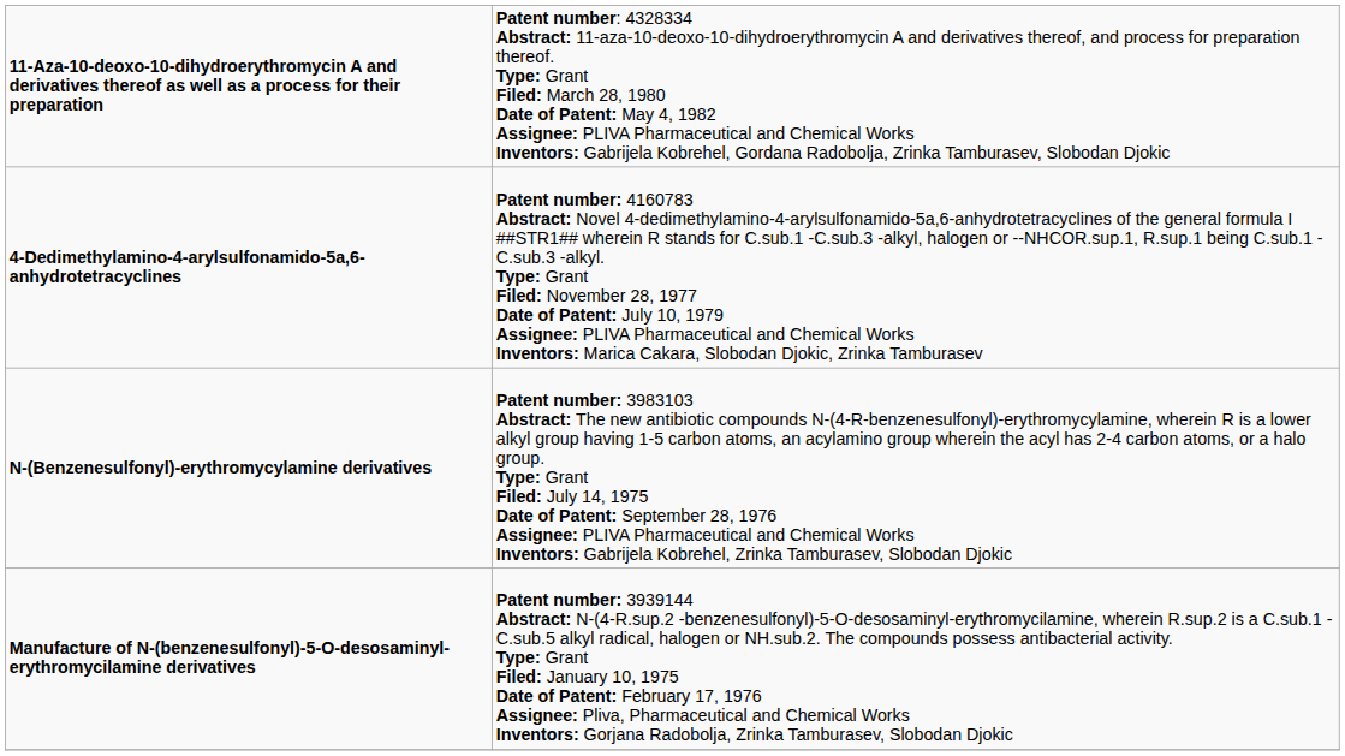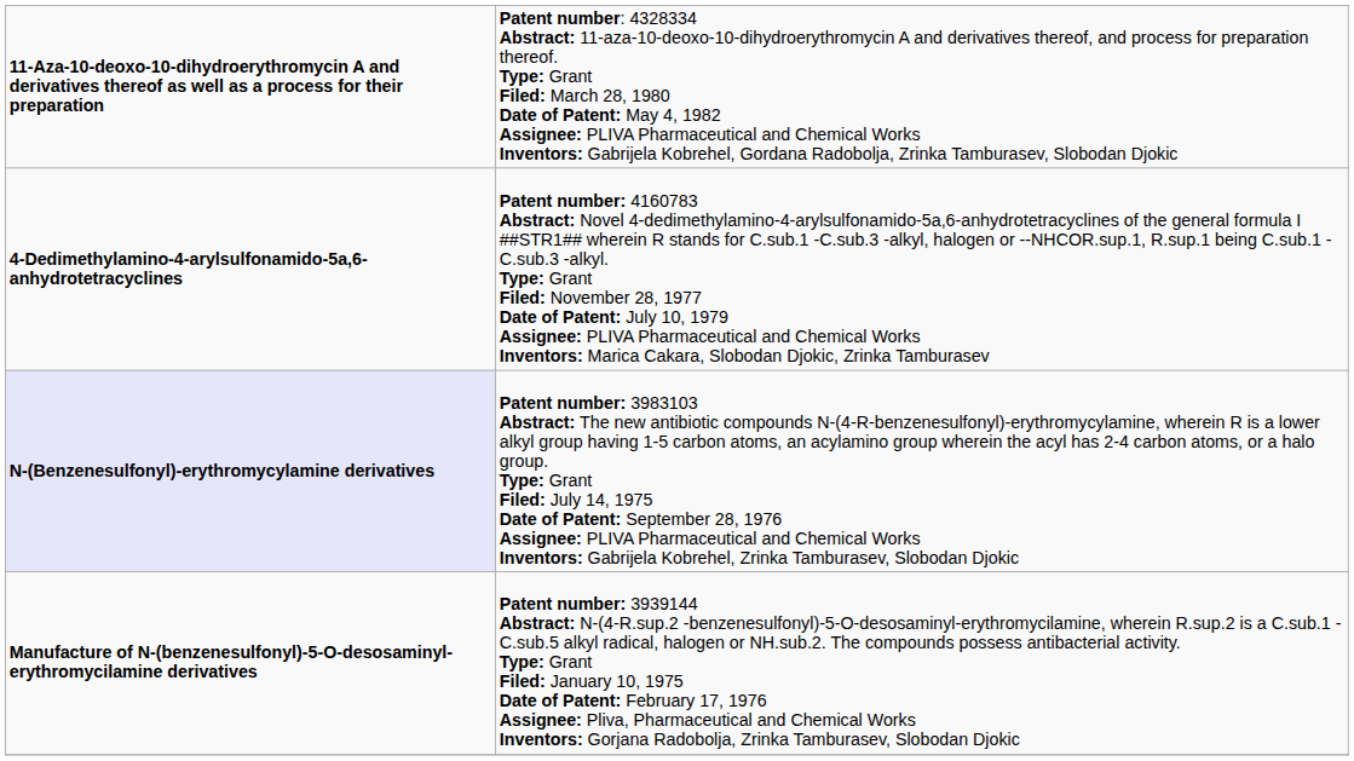 <table class="wikitable">
 <tr>
 <td><strong>11-Aza-10-deoxo-10-dihydroerythromycin A and derivatives thereof as well as a process for their preparation</strong></td>
 <td><strong>Patent number</strong>: 4328334<br><strong>Abstract:</strong> 11-aza-10-deoxo-10-dihydroerythromycin A and derivatives thereof, and process for preparation thereof.<br><strong>Type:</strong> Grant<br><strong>Filed:</strong> March 28, 1980<br><strong>Date of Patent:</strong> May 4, 1982<br><strong>Assignee:</strong> PLIVA Pharmaceutical and Chemical Works<br><strong>Inventors:</strong> Gabrijela Kobrehel, Gordana Radobolja, Zrinka Tamburasev, Slobodan Djokic</td>
 </tr>
 <tr>
 <td><strong>4-Dedimethylamino-4-arylsulfonamido-5a,6-anhydrotetracyclines</strong></td>
 <td><br><strong>Patent number:</strong> 4160783<br><strong>Abstract:</strong> Novel 4-dedimethylamino-4-arylsulfonamido-5a,6-anhydrotetracyclines of the general formula I ##STR1## wherein R stands for C.sub.1 -C.sub.3 -alkyl, halogen or --NHCOR.sup.1, R.sup.1 being C.sub.1 -C.sub.3 -alkyl.<br><strong>Type:</strong> Grant<br><strong>Filed:</strong> November 28, 1977<br><strong>Date of Patent:</strong> July 10, 1979<br><strong>Assignee:</strong> PLIVA Pharmaceutical and Chemical Works<br><strong>Inventors:</strong> Marica Cakara, Slobodan Djokic, Zrinka Tamburasev</td>
 </tr>
 <tr>
-<td><strong>N-(Benzenesulfonyl)-erythromycylamine derivatives</strong></td>
+<td style="background: lavender;"><strong>N-(Benzenesulfonyl)-erythromycylamine derivatives</strong></td>
 <td><br><strong>Patent number:</strong> 3983103<br><strong>Abstract:</strong> The new antibiotic compounds N-(4-R-benzenesulfonyl)-erythromycylamine, wherein R is a lower alkyl group having 1-5 carbon atoms, an acylamino group wherein the acyl has 2-4 carbon atoms, or a halo group.<br><strong>Type:</strong> Grant<br><strong>Filed:</strong> July 14, 1975<br><strong>Date of Patent:</strong> September 28, 1976<br><strong>Assignee:</strong> PLIVA Pharmaceutical and Chemical Works<br><strong>Inventors:</strong> Gabrijela Kobrehel, Zrinka Tamburasev, Slobodan Djokic</td>
 </tr>
 <tr>
 <td><strong>Manufacture of N-(benzenesulfonyl)-5-O-desosaminyl-erythromycilamine derivatives</strong></td>
 <td><br><strong>Patent number:</strong> 3939144<br><strong>Abstract:</strong> N-(4-R.sup.2 -benzenesulfonyl)-5-O-desosaminyl-erythromycilamine, wherein R.sup.2 is a C.sub.1 -C.sub.5 alkyl radical, halogen or NH.sub.2. The compounds possess antibacterial activity.<br><strong>Type:</strong> Grant<br><strong>Filed:</strong> January 10, 1975<br><strong>Date of Patent:</strong> February 17, 1976<br><strong>Assignee:</strong> Pliva, Pharmaceutical and Chemical Works<br><strong>Inventors:</strong> Gorjana Radobolja, Zrinka Tamburasev, Slobodan Djokic</td>
 </tr>
 <tr>
 </tr>
 </table>
